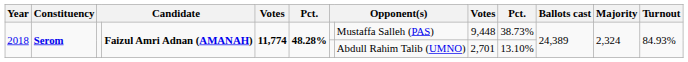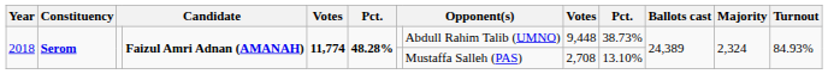 <table class="wikitable" style="margin:0.5em ; font-size:95%">
 <tr>
 <th>Year</th>
 <th>Constituency</th>
 <th colspan="2">Candidate</th>
 <th>Votes</th>
 <th>Pct.</th>
 <th colspan="2">Opponent(s)</th>
 <th>Votes</th>
 <th>Pct.</th>
 <th>Ballots cast</th>
 <th>Majority</th>
 <th>Turnout</th>
 </tr>
 <tr>
 <td rowspan="2"><a href='#'>2018</a></td>
 <td rowspan="2"><a href='#'><strong>Serom</strong></a></td>
 <td rowspan="4" ></td>
 <td rowspan="2"><strong>Faizul Amri Adnan (<a href='#'>AMANAH</a>)</strong></td>
 <td rowspan="2"><strong>11,774</strong></td>
 <td rowspan="2"><strong>48.28%</strong></td>
 <td></td>
-<td>Mustaffa Salleh (<a href='#'>PAS</a>)</td>
+<td>Abdull Rahim Talib (<a href='#'>UMNO</a>)</td>
 <td style="text-align:right;">9,448</td>
 <td>38.73%</td>
 <td rowspan="2">24,389</td>
 <td rowspan="2">2,324</td>
 <td rowspan="2">84.93%</td>
 </tr>
 <tr>
 <td></td>
-<td>Abdull Rahim Talib (<a href='#'>UMNO</a>)</td>
-<td>2,701</td>
+<td>Mustaffa Salleh (<a href='#'>PAS</a>)</td>
+<td>2,708</td>
 <td>13.10%</td>
 </tr>
 </table>
